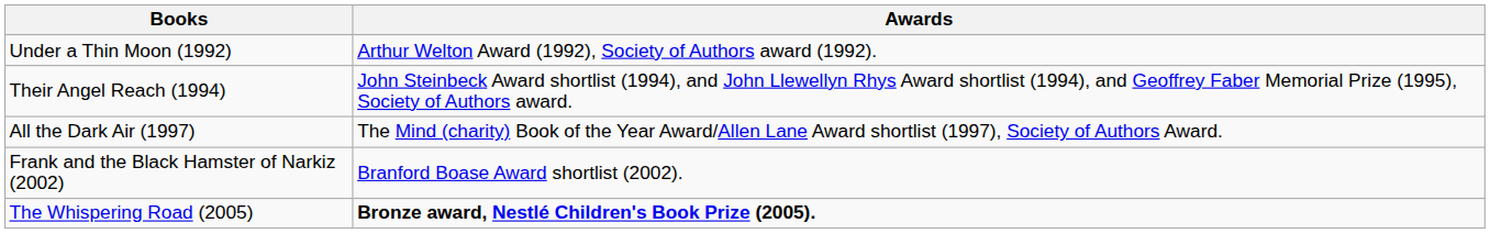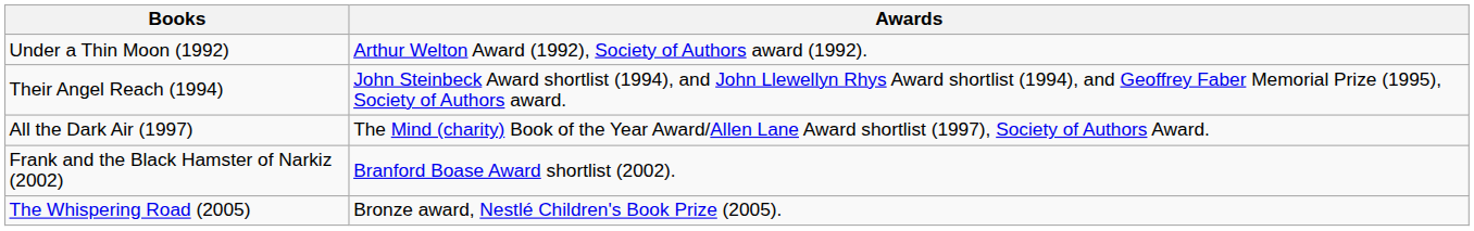 <table class="wikitable">
 <tr>
 <th>Books</th>
 <th>Awards</th>
 </tr>
 <tr>
 <td>Under a Thin Moon (1992)</td>
 <td><a href='#'>Arthur Welton</a> Award (1992), <a href='#'>Society of Authors</a> award (1992).</td>
 </tr>
 <tr>
 <td>Their Angel Reach (1994)</td>
 <td><a href='#'>John Steinbeck</a> Award shortlist (1994), and <a href='#'>John Llewellyn Rhys</a> Award shortlist (1994), and <a href='#'>Geoffrey Faber</a> Memorial Prize (1995), <a href='#'>Society of Authors</a> award.</td>
 </tr>
 <tr>
 <td>All the Dark Air (1997)</td>
 <td>The <a href='#'>Mind (charity)</a> Book of the Year Award/<a href='#'>Allen Lane</a> Award shortlist (1997), <a href='#'>Society of Authors</a> Award.</td>
 </tr>
 <tr>
 <td>Frank and the Black Hamster of Narkiz (2002)</td>
 <td><a href='#'>Branford Boase Award</a> shortlist (2002).</td>
 </tr>
 <tr>
 <td><a href='#'>The Whispering Road</a> (2005)</td>
-<td><strong>Bronze award, <a href='#'>Nestlé Children's Book Prize</a> (2005).</strong></td>
+<td>Bronze award, <a href='#'>Nestlé Children's Book Prize</a> (2005).</td>
 </tr>
 </table>
